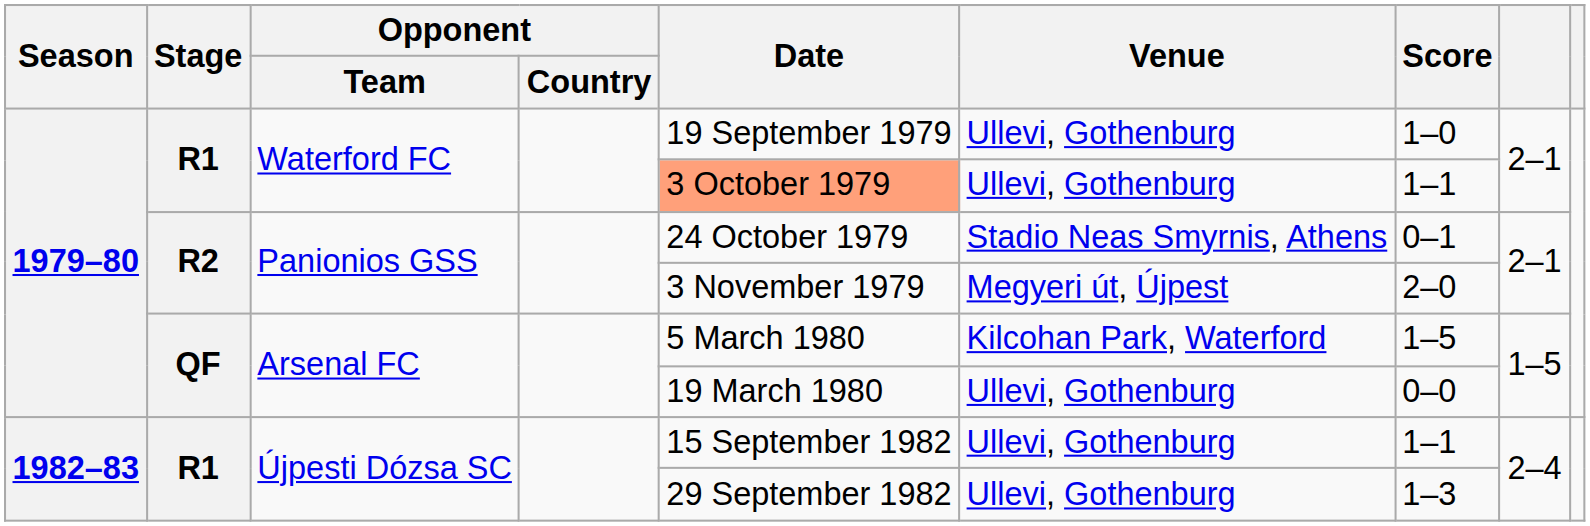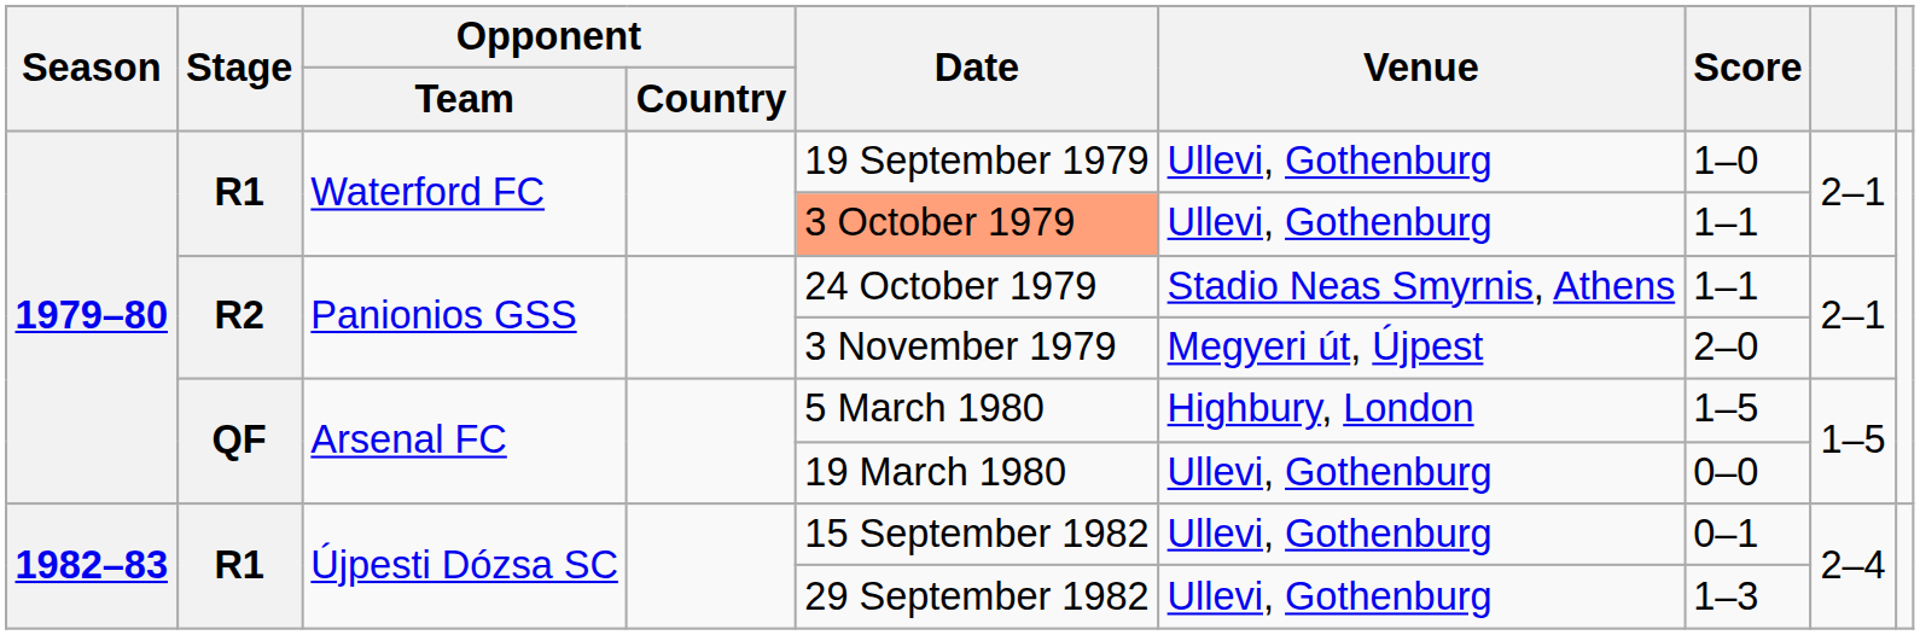 <table class="wikitable plainrowheaders">
 <tr>
 <th rowspan=2>Season</th>
 <th rowspan=2>Stage</th>
 <th scope="col" colspan=2>Opponent</th>
 <th scope="col" rowspan=2>Date</th>
 <th scope="col" rowspan=2>Venue</th>
 <th scope="col" rowspan=2>Score</th>
 <th scope="col" rowspan=2></th>
 <th scope="col" rowspan=2></th>
 </tr>
 <tr>
 <th scope="col">Team</th>
 <th scope="col">Country</th>
 </tr>
 <tr>
 <th scope=row rowspan="6"><a href='#'>1979–80</a></th>
 <th scope=row rowspan="2">R1</th>
 <td rowspan="2"><a href='#'>Waterford FC</a></td>
 <td rowspan="2"></td>
 <td>19 September 1979</td>
 <td><a href='#'>Ullevi</a>, <a href='#'>Gothenburg</a></td>
 <td>1–0</td>
 <td rowspan="2">2–1</td>
 <td rowspan="6" align=center></td>
 </tr>
 <tr>
 <td style="background: lightsalmon;">3 October 1979</td>
 <td><a href='#'>Ullevi</a>, <a href='#'>Gothenburg</a></td>
 <td>1–1</td>
 </tr>
 <tr>
 <th scope=row rowspan="2">R2</th>
 <td rowspan="2"><a href='#'>Panionios GSS</a></td>
 <td rowspan="2"></td>
 <td>24 October 1979</td>
 <td><a href='#'>Stadio Neas Smyrnis</a>, <a href='#'>Athens</a></td>
-<td>0–1</td>
+<td>1–1</td>
 <td rowspan="2">2–1</td>
 </tr>
 <tr>
 <td>3 November 1979</td>
 <td><a href='#'>Megyeri út</a>, <a href='#'>Újpest</a></td>
 <td>2–0</td>
 </tr>
 <tr>
 <th scope=row rowspan="2">QF</th>
 <td rowspan="2"><a href='#'>Arsenal FC</a></td>
 <td rowspan="2"></td>
 <td>5 March 1980</td>
-<td><a href='#'>Kilcohan Park</a>, <a href='#'>Waterford</a></td>
+<td><a href='#'>Highbury</a>, <a href='#'>London</a></td>
 <td>1–5</td>
 <td rowspan="2">1–5</td>
 </tr>
 <tr>
 <td>19 March 1980</td>
 <td><a href='#'>Ullevi</a>, <a href='#'>Gothenburg</a></td>
 <td>0–0</td>
 </tr>
 <tr>
 <th scope=row rowspan="2"><a href='#'>1982–83</a></th>
 <th scope=row rowspan="2">R1</th>
 <td rowspan="2"><a href='#'>Újpesti Dózsa SC</a></td>
 <td rowspan="2"></td>
 <td>15 September 1982</td>
 <td><a href='#'>Ullevi</a>, <a href='#'>Gothenburg</a></td>
-<td>1–1</td>
+<td>0–1</td>
 <td rowspan="2">2–4</td>
 <td rowspan="2" align=center></td>
 </tr>
 <tr>
 <td>29 September 1982</td>
 <td><a href='#'>Ullevi</a>, <a href='#'>Gothenburg</a></td>
 <td>1–3</td>
 </tr>
 </table>
